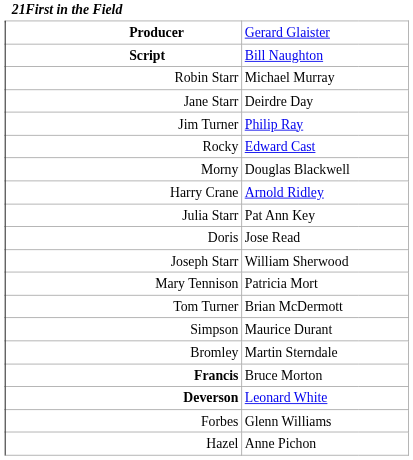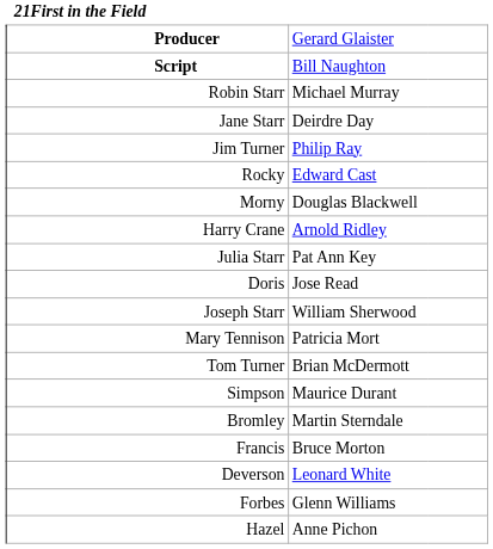 <table class="wikitable mw-collapsible mw-collapsed" style="vertical-align:top;margin:auto 2em;line-height:1.2;min-width:33em;display: inline-table;background-color:inherit;border:none;">
 <tr>
 <td class=unsortable style="border:hidden;line-height:1.67;text-align:center;margin-left:-1em;padding-left:0.5em;min-width:1.0em;"></td>
 <td class=unsortable style="border:none;padding-left:0.5em;text-align:left;min-width:16.5em;font-weight:700;font-style:italic;">21First in the Field</td>
 <td class=unsortable style="border:none;text-align:right;font-weight:normal;font-family:Courier;font-size:95%;letter-spacing:-1pt;min-width:8.5em;padding-right:0.2em;"></td>
 <td class=unsortable style="border:hidden;min-width:3.5em;padding-left:0;"></td>
 <td class=unsortable style="border:hidden;min-width:3.5em;font-size:95%;"></td>
 </tr>
 <tr>
 <td rowspan=100 style="border:none thin;border-right-style :solid;"></td>
 </tr>
 <tr>
 <td style="text-align:left;padding-left:9.0em;font-weight:bold;">Producer</td>
 <td colspan=2><a href='#'>Gerard Glaister</a></td>
 </tr>
 <tr>
 <td style="text-align:left;padding-left:9.0em;font-weight:bold;">Script</td>
 <td colspan=2><a href='#'>Bill Naughton</a></td>
 </tr>
 <tr>
 <td style="text-align:right;">Robin Starr</td>
 <td colspan=2>Michael Murray</td>
 </tr>
 <tr>
 <td style="text-align:right;">Jane Starr</td>
 <td colspan=2>Deirdre Day</td>
 </tr>
 <tr>
 <td style="text-align:right;">Jim Turner</td>
 <td colspan=2><a href='#'>Philip Ray</a></td>
 </tr>
 <tr>
 <td style="text-align:right;">Rocky</td>
 <td colspan=2><a href='#'>Edward Cast</a></td>
 </tr>
 <tr>
 <td style="text-align:right;">Morny</td>
 <td colspan=2>Douglas Blackwell</td>
 </tr>
 <tr>
 <td style="text-align:right;">Harry Crane</td>
 <td colspan=2><a href='#'>Arnold Ridley</a></td>
 </tr>
 <tr>
 <td style="text-align:right;">Julia Starr</td>
 <td colspan=2>Pat Ann Key</td>
 </tr>
 <tr>
 <td style="text-align:right;">Doris</td>
 <td colspan=2>Jose Read</td>
 </tr>
 <tr>
 <td style="text-align:right;">Joseph Starr</td>
 <td colspan=2>William Sherwood</td>
 </tr>
 <tr>
 <td style="text-align:right;">Mary Tennison</td>
 <td colspan=2>Patricia Mort</td>
 </tr>
 <tr>
 <td style="text-align:right;">Tom Turner</td>
 <td colspan=2>Brian McDermott</td>
 </tr>
 <tr>
 <td style="text-align:right;">Simpson</td>
 <td colspan=2>Maurice Durant</td>
 </tr>
 <tr>
 <td style="text-align:right;">Bromley</td>
 <td colspan=2>Martin Sterndale</td>
 </tr>
 <tr>
-<td style="text-align:right;"><strong>Francis</strong></td>
+<td style="text-align:right;">Francis</td>
 <td colspan=2>Bruce Morton</td>
 </tr>
 <tr>
-<td style="text-align:right;"><strong>Deverson</strong></td>
+<td style="text-align:right;">Deverson</td>
 <td colspan=2><a href='#'>Leonard White</a></td>
 </tr>
 <tr>
 <td style="text-align:right;">Forbes</td>
 <td colspan=2>Glenn Williams</td>
 </tr>
 <tr>
 <td style="text-align:right;">Hazel</td>
 <td colspan=2>Anne Pichon</td>
 </tr>
 </table>
